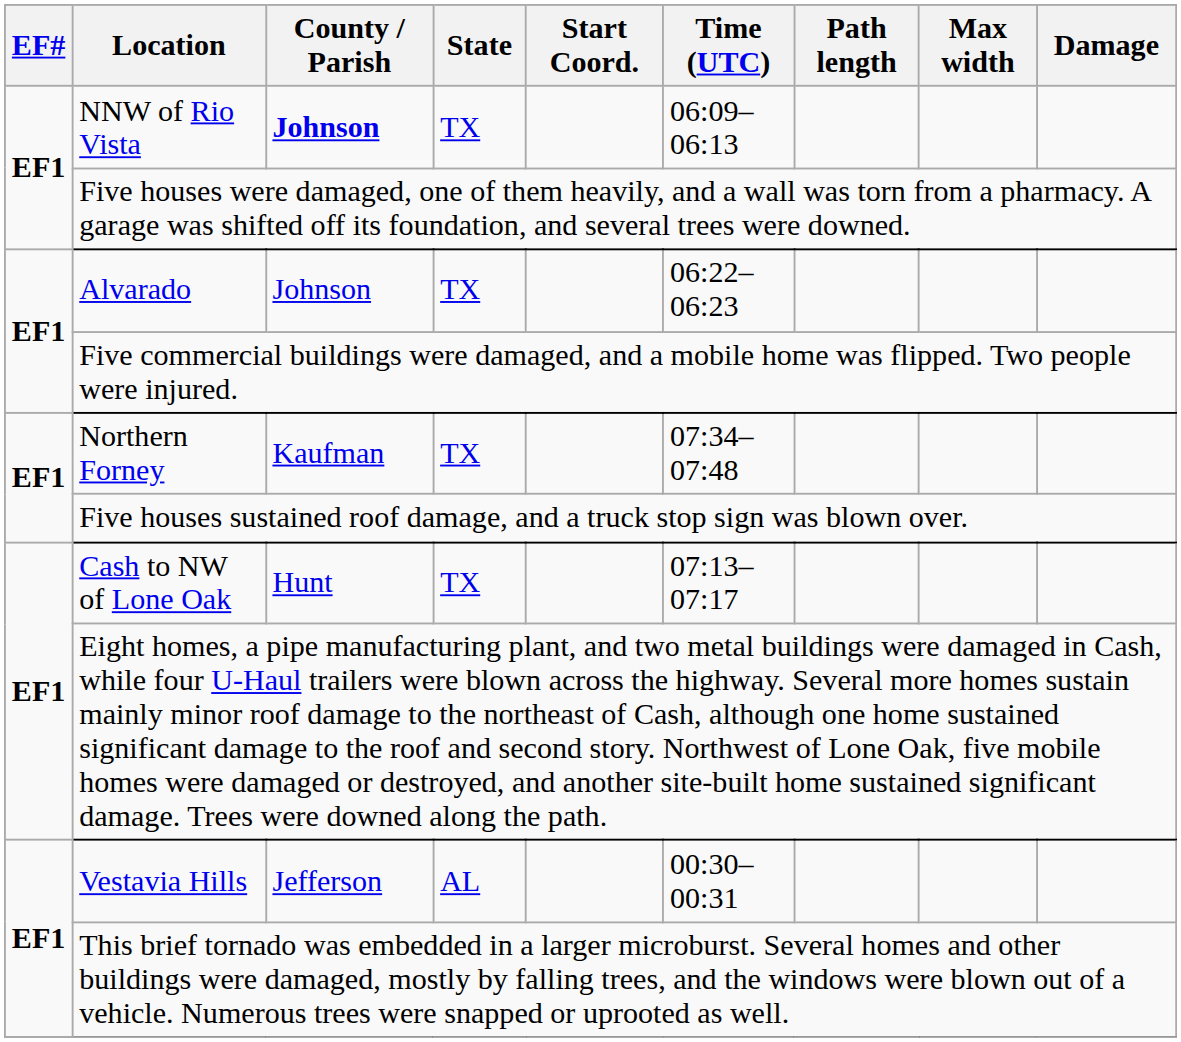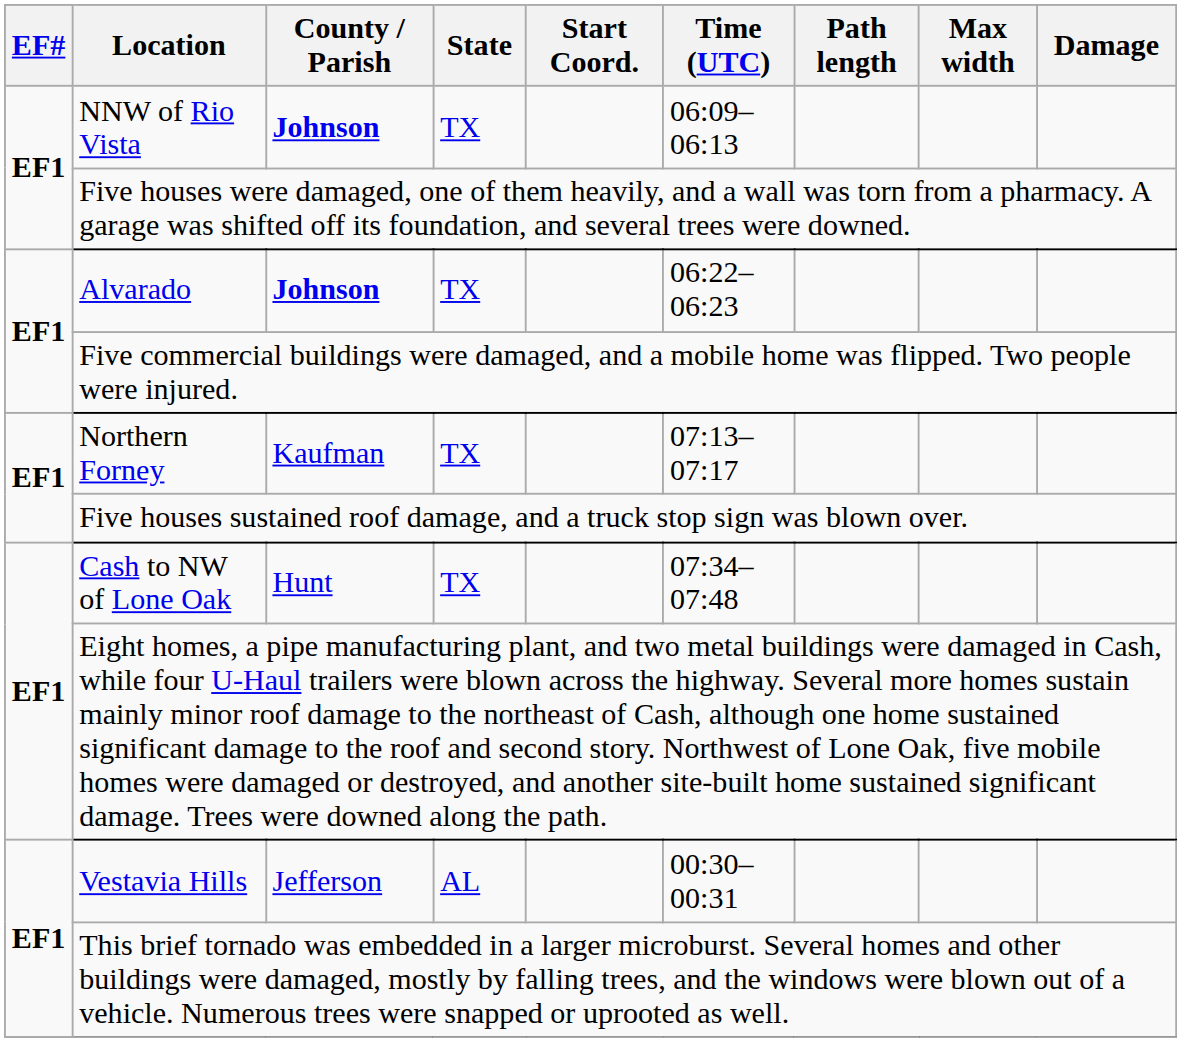 <table class="wikitable sortable" style="width:100%;">
 <tr>
 <th scope="col" width="2%" align="center"><a href='#'>EF#</a></th>
 <th scope="col" align="center" class="unsortable">Location</th>
 <th scope="col" align="center" class="unsortable">County / Parish</th>
 <th scope="col" align="center">State</th>
 <th scope="col" align="center" data-sort-type="number">Start Coord.</th>
 <th scope="col" align="center" data-sort-type="number">Time (<a href='#'>UTC</a>)</th>
 <th scope="col" align="center" data-sort-type="number">Path length</th>
 <th scope="col" align="center" data-sort-type="number">Max width</th>
 <th scope="col" align="center" data-sort-type="number">Damage<br></th>
 </tr>
 <tr>
 <td rowspan="2" align="center"><strong>EF1</strong></td>
 <td>NNW of <a href='#'>Rio Vista</a></td>
 <td><strong><a href='#'>Johnson</a></strong></td>
 <td><a href='#'>TX</a></td>
 <td></td>
 <td>06:09–06:13</td>
 <td></td>
 <td></td>
 <td></td>
 </tr>
 <tr class="expand-child">
 <td colspan="8" style=" border-bottom: 1px solid black;">Five houses were damaged, one of them heavily, and a wall was torn from a pharmacy. A garage was shifted off its foundation, and several trees were downed.</td>
 </tr>
 <tr>
 <td rowspan="2" align="center"><strong>EF1</strong></td>
 <td><a href='#'>Alvarado</a></td>
-<td><a href='#'>Johnson</a></td>
+<td><strong><a href='#'>Johnson</a></strong></td>
 <td><a href='#'>TX</a></td>
 <td></td>
 <td>06:22–06:23</td>
 <td></td>
 <td></td>
 <td></td>
 </tr>
 <tr class="expand-child">
 <td colspan="8" style=" border-bottom: 1px solid black;">Five commercial buildings were damaged, and a mobile home was flipped. Two people were injured.</td>
 </tr>
 <tr>
 <td rowspan="2" align="center"><strong>EF1</strong></td>
 <td>Northern <a href='#'>Forney</a></td>
 <td><a href='#'>Kaufman</a></td>
 <td><a href='#'>TX</a></td>
 <td></td>
-<td>07:34–07:48</td>
+<td>07:13–07:17</td>
 <td></td>
 <td></td>
 <td></td>
 </tr>
 <tr class="expand-child">
 <td colspan="8" style=" border-bottom: 1px solid black;">Five houses sustained roof damage, and a truck stop sign was blown over.</td>
 </tr>
 <tr>
 <td rowspan="2" align="center"><strong>EF1</strong></td>
 <td><a href='#'>Cash</a> to NW of <a href='#'>Lone Oak</a></td>
 <td><a href='#'>Hunt</a></td>
 <td><a href='#'>TX</a></td>
 <td></td>
-<td>07:13–07:17</td>
+<td>07:34–07:48</td>
 <td></td>
 <td></td>
 <td></td>
 </tr>
 <tr class="expand-child">
 <td colspan="8" style=" border-bottom: 1px solid black;">Eight homes, a pipe manufacturing plant, and two metal buildings were damaged in Cash, while four <a href='#'>U-Haul</a> trailers were blown across the highway. Several more homes sustain mainly minor roof damage to the northeast of Cash, although one home sustained significant damage to the roof and second story. Northwest of Lone Oak, five mobile homes were damaged or destroyed, and another site-built home sustained significant damage. Trees were downed along the path.</td>
 </tr>
 <tr>
 <td rowspan="2" align="center"><strong>EF1</strong></td>
 <td><a href='#'>Vestavia Hills</a></td>
 <td><a href='#'>Jefferson</a></td>
 <td><a href='#'>AL</a></td>
 <td></td>
 <td>00:30–00:31</td>
 <td></td>
 <td></td>
 <td></td>
 </tr>
 <tr class="expand-child">
 <td colspan="8" style=" border-bottom: 1px solid black;">This brief tornado was embedded in a larger microburst. Several homes and other buildings were damaged, mostly by falling trees, and the windows were blown out of a vehicle. Numerous trees were snapped or uprooted as well.</td>
 </tr>
 <tr>
 </tr>
 </table>
